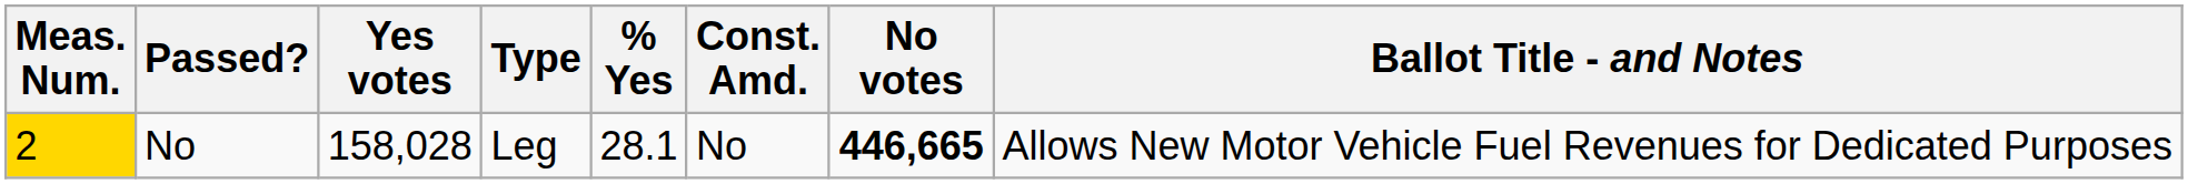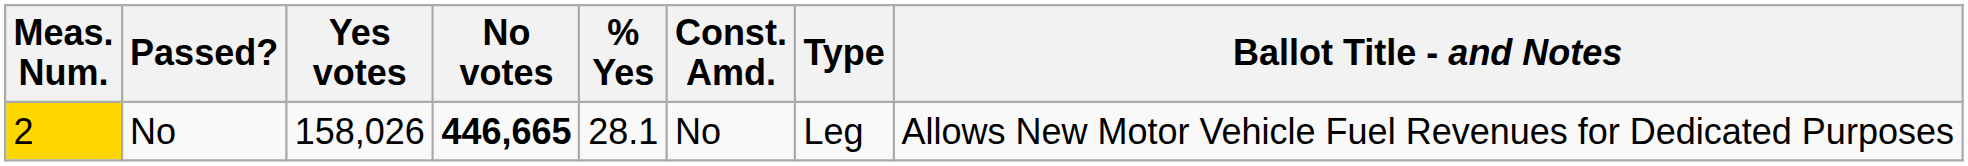 <table class="wikitable sortable">
 <tr>
 <th>Meas.<br>Num.</th>
 <th>Passed?</th>
 <th>Yes<br>votes</th>
-<th>Type<br></th>
+<th>No<br>votes</th>
 <th>%<br>Yes</th>
 <th>Const.<br>Amd.</th>
-<th>No<br>votes</th>
+<th>Type<br></th>
 <th>Ballot Title - <em>and Notes</em></th>
 </tr>
 <tr>
 <td style="background: gold;">2</td>
 <td>No</td>
-<td>158,028</td>
-<td>Leg</td>
+<td>158,026</td>
+<td><strong>446,665</strong></td>
 <td>28.1</td>
 <td>No</td>
-<td><strong>446,665</strong></td>
+<td>Leg</td>
 <td>Allows New Motor Vehicle Fuel Revenues for Dedicated Purposes</td>
 </tr>
 </table>
